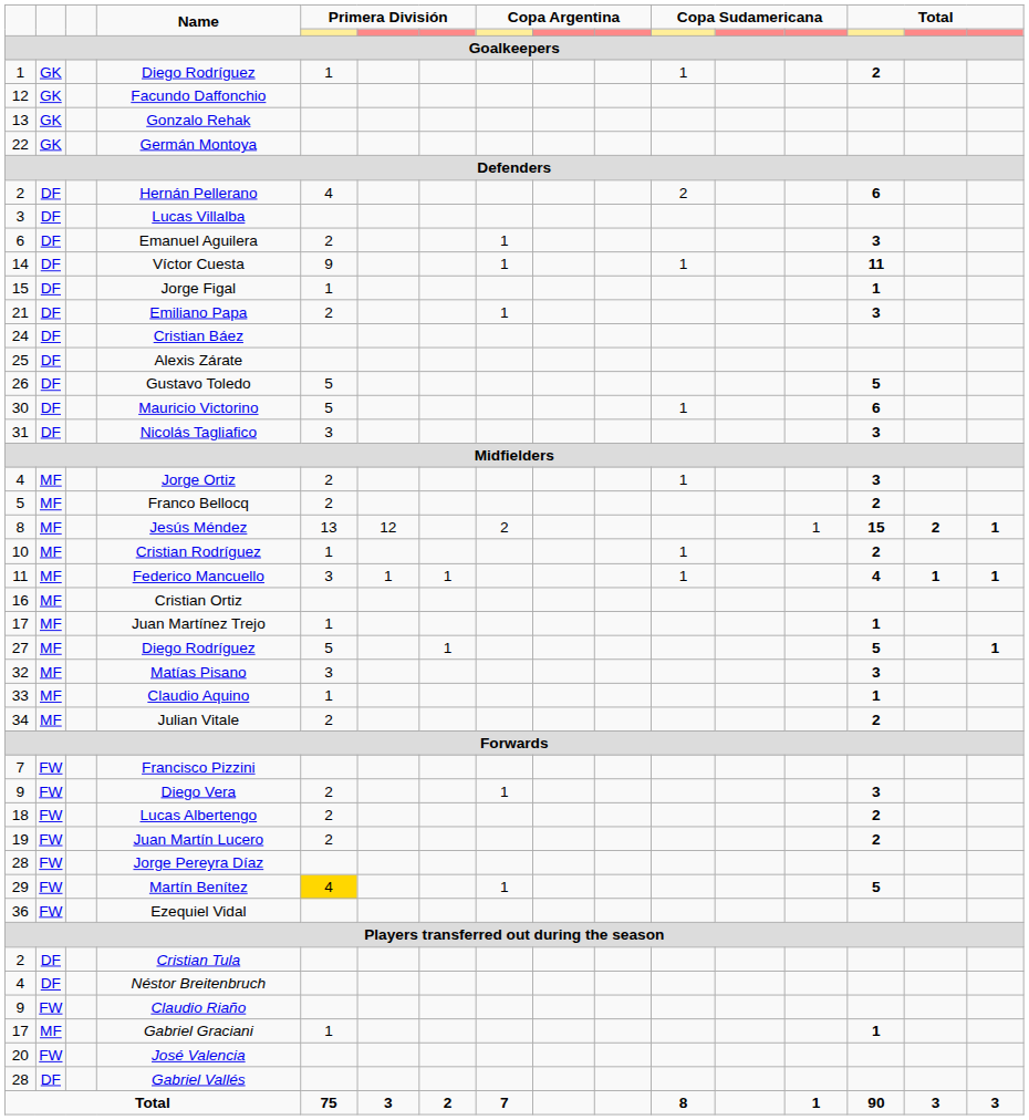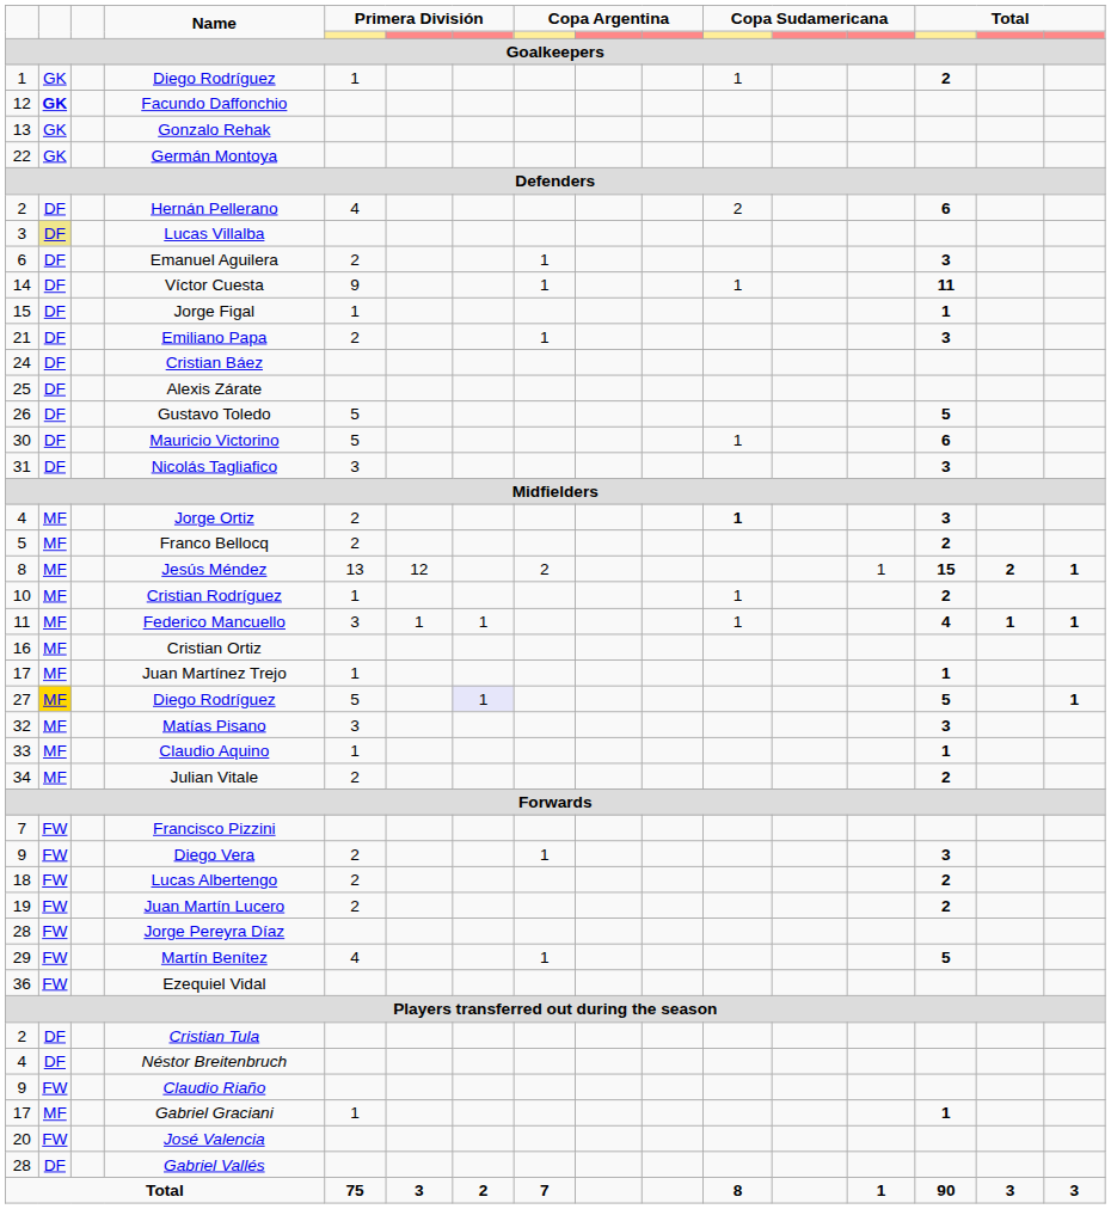 <table class="wikitable" style="font-size: 95%; text-align: center;">
 <tr>
 <td rowspan="2"  style="width:3%; text-align:center;"><strong></strong></td>
 <td rowspan="2"  style="width:3%; text-align:center;"><strong></strong></td>
 <td rowspan="2"  style="width:3%; text-align:center;"><strong></strong></td>
 <td rowspan="2"  style="width:20%; text-align:center;"><strong>Name</strong></td>
 <td colspan="3" style="text-align:center;"><strong>Primera División</strong></td>
 <td colspan="3" style="text-align:center;"><strong>Copa Argentina</strong></td>
 <td colspan="3" style="text-align:center;"><strong>Copa Sudamericana</strong></td>
 <td colspan="3" style="text-align:center;"><strong>Total</strong></td>
 </tr>
 <tr>
 <th style="width:25px; background:#fe9;"></th>
 <th style="width:28px; background:#ff8888;"></th>
 <th style="width:25px; background:#ff8888;"></th>
 <th style="width:25px; background:#fe9;"></th>
 <th style="width:28px; background:#ff8888;"></th>
 <th style="width:25px; background:#ff8888;"></th>
 <th style="width:25px; background:#fe9;"></th>
 <th style="width:28px; background:#ff8888;"></th>
 <th style="width:25px; background:#ff8888;"></th>
 <th style="width:25px; background:#fe9;"></th>
 <th style="width:28px; background:#ff8888;"></th>
 <th style="width:25px; background:#ff8888;"></th>
 </tr>
 <tr>
 <th colspan="19" style="background:#dcdcdc; text-align:center">Goalkeepers</th>
 </tr>
 <tr>
 <td>1</td>
 <td><a href='#'>GK</a></td>
 <td></td>
 <td><a href='#'>Diego Rodríguez</a></td>
 <td>1</td>
 <td></td>
 <td></td>
 <td></td>
 <td></td>
 <td></td>
 <td>1</td>
 <td></td>
 <td></td>
 <td><strong>2</strong></td>
 <td></td>
 <td></td>
 </tr>
 <tr>
 <td>12</td>
-<td><a href='#'>GK</a></td>
+<td><strong><a href='#'>GK</a></strong></td>
 <td></td>
 <td><a href='#'>Facundo Daffonchio</a></td>
 <td></td>
 <td></td>
 <td></td>
 <td></td>
 <td></td>
 <td></td>
 <td></td>
 <td></td>
 <td></td>
 <td></td>
 <td></td>
 <td></td>
 </tr>
 <tr>
 <td>13</td>
 <td><a href='#'>GK</a></td>
 <td></td>
 <td><a href='#'>Gonzalo Rehak</a></td>
 <td></td>
 <td></td>
 <td></td>
 <td></td>
 <td></td>
 <td></td>
 <td></td>
 <td></td>
 <td></td>
 <td></td>
 <td></td>
 <td></td>
 </tr>
 <tr>
 <td>22</td>
 <td><a href='#'>GK</a></td>
 <td></td>
 <td><a href='#'>Germán Montoya</a></td>
 <td></td>
 <td></td>
 <td></td>
 <td></td>
 <td></td>
 <td></td>
 <td></td>
 <td></td>
 <td></td>
 <td></td>
 <td></td>
 <td></td>
 </tr>
 <tr>
 <th colspan="19" style="background:#dcdcdc; text-align:center">Defenders</th>
 </tr>
 <tr>
 <td>2</td>
 <td><a href='#'>DF</a></td>
 <td></td>
 <td><a href='#'>Hernán Pellerano</a></td>
 <td>4</td>
 <td></td>
 <td></td>
 <td></td>
 <td></td>
 <td></td>
 <td>2</td>
 <td></td>
 <td></td>
 <td><strong>6</strong></td>
 <td></td>
 <td></td>
 </tr>
 <tr>
 <td>3</td>
-<td><a href='#'>DF</a></td>
+<td style="background: khaki;"><a href='#'>DF</a></td>
 <td></td>
 <td><a href='#'>Lucas Villalba</a></td>
 <td></td>
 <td></td>
 <td></td>
 <td></td>
 <td></td>
 <td></td>
 <td></td>
 <td></td>
 <td></td>
 <td></td>
 <td></td>
 <td></td>
 </tr>
 <tr>
 <td>6</td>
 <td><a href='#'>DF</a></td>
 <td></td>
 <td>Emanuel Aguilera</td>
 <td>2</td>
 <td></td>
 <td></td>
 <td>1</td>
 <td></td>
 <td></td>
 <td></td>
 <td></td>
 <td></td>
 <td><strong>3</strong></td>
 <td></td>
 <td></td>
 </tr>
 <tr>
 <td>14</td>
 <td><a href='#'>DF</a></td>
 <td></td>
 <td>Víctor Cuesta</td>
 <td>9</td>
 <td></td>
 <td></td>
 <td>1</td>
 <td></td>
 <td></td>
 <td>1</td>
 <td></td>
 <td></td>
 <td><strong>11</strong></td>
 <td></td>
 <td></td>
 </tr>
 <tr>
 <td>15</td>
 <td><a href='#'>DF</a></td>
 <td></td>
 <td>Jorge Figal</td>
 <td>1</td>
 <td></td>
 <td></td>
 <td></td>
 <td></td>
 <td></td>
 <td></td>
 <td></td>
 <td></td>
 <td><strong>1</strong></td>
 <td></td>
 <td></td>
 </tr>
 <tr>
 <td>21</td>
 <td><a href='#'>DF</a></td>
 <td></td>
 <td><a href='#'>Emiliano Papa</a></td>
 <td>2</td>
 <td></td>
 <td></td>
 <td>1</td>
 <td></td>
 <td></td>
 <td></td>
 <td></td>
 <td></td>
 <td><strong>3</strong></td>
 <td></td>
 <td></td>
 </tr>
 <tr>
 <td>24</td>
 <td><a href='#'>DF</a></td>
 <td></td>
 <td><a href='#'>Cristian Báez</a></td>
 <td></td>
 <td></td>
 <td></td>
 <td></td>
 <td></td>
 <td></td>
 <td></td>
 <td></td>
 <td></td>
 <td></td>
 <td></td>
 <td></td>
 </tr>
 <tr>
 <td>25</td>
 <td><a href='#'>DF</a></td>
 <td></td>
 <td>Alexis Zárate</td>
 <td></td>
 <td></td>
 <td></td>
 <td></td>
 <td></td>
 <td></td>
 <td></td>
 <td></td>
 <td></td>
 <td></td>
 <td></td>
 <td></td>
 </tr>
 <tr>
 <td>26</td>
 <td><a href='#'>DF</a></td>
 <td></td>
 <td>Gustavo Toledo</td>
 <td>5</td>
 <td></td>
 <td></td>
 <td></td>
 <td></td>
 <td></td>
 <td></td>
 <td></td>
 <td></td>
 <td><strong>5</strong></td>
 <td></td>
 <td></td>
 </tr>
 <tr>
 <td>30</td>
 <td><a href='#'>DF</a></td>
 <td></td>
 <td><a href='#'>Mauricio Victorino</a></td>
 <td>5</td>
 <td></td>
 <td></td>
 <td></td>
 <td></td>
 <td></td>
 <td>1</td>
 <td></td>
 <td></td>
 <td><strong>6</strong></td>
 <td></td>
 <td></td>
 </tr>
 <tr>
 <td>31</td>
 <td><a href='#'>DF</a></td>
 <td></td>
 <td><a href='#'>Nicolás Tagliafico</a></td>
 <td>3</td>
 <td></td>
 <td></td>
 <td></td>
 <td></td>
 <td></td>
 <td></td>
 <td></td>
 <td></td>
 <td><strong>3</strong></td>
 <td></td>
 <td></td>
 </tr>
 <tr>
 <th colspan="19" style="background:#dcdcdc; text-align:center">Midfielders</th>
 </tr>
 <tr>
 <td>4</td>
 <td><a href='#'>MF</a></td>
 <td></td>
 <td><a href='#'>Jorge Ortiz</a></td>
 <td>2</td>
 <td></td>
 <td></td>
 <td></td>
 <td></td>
 <td></td>
-<td>1</td>
+<td><strong>1</strong></td>
 <td></td>
 <td></td>
 <td><strong>3</strong></td>
 <td></td>
 <td></td>
 </tr>
 <tr>
 <td>5</td>
 <td><a href='#'>MF</a></td>
 <td></td>
 <td>Franco Bellocq</td>
 <td>2</td>
 <td></td>
 <td></td>
 <td></td>
 <td></td>
 <td></td>
 <td></td>
 <td></td>
 <td></td>
 <td><strong>2</strong></td>
 <td></td>
 <td></td>
 </tr>
 <tr>
 <td>8</td>
 <td><a href='#'>MF</a></td>
 <td></td>
 <td><a href='#'>Jesús Méndez</a></td>
 <td>13</td>
 <td>12</td>
 <td></td>
 <td>2</td>
 <td></td>
 <td></td>
 <td></td>
 <td></td>
 <td>1</td>
 <td><strong>15</strong></td>
 <td><strong>2</strong></td>
 <td><strong>1</strong></td>
 </tr>
 <tr>
 <td>10</td>
 <td><a href='#'>MF</a></td>
 <td></td>
 <td><a href='#'>Cristian Rodríguez</a></td>
 <td>1</td>
 <td></td>
 <td></td>
 <td></td>
 <td></td>
 <td></td>
 <td>1</td>
 <td></td>
 <td></td>
 <td><strong>2</strong></td>
 <td></td>
 <td></td>
 </tr>
 <tr>
 <td>11</td>
 <td><a href='#'>MF</a></td>
 <td></td>
 <td><a href='#'>Federico Mancuello</a></td>
 <td>3</td>
 <td>1</td>
 <td>1</td>
 <td></td>
 <td></td>
 <td></td>
 <td>1</td>
 <td></td>
 <td></td>
 <td><strong>4</strong></td>
 <td><strong>1</strong></td>
 <td><strong>1</strong></td>
 </tr>
 <tr>
 <td>16</td>
 <td><a href='#'>MF</a></td>
 <td></td>
 <td>Cristian Ortiz</td>
 <td></td>
 <td></td>
 <td></td>
 <td></td>
 <td></td>
 <td></td>
 <td></td>
 <td></td>
 <td></td>
 <td></td>
 <td></td>
 <td></td>
 </tr>
 <tr>
 <td>17</td>
 <td><a href='#'>MF</a></td>
 <td></td>
 <td>Juan Martínez Trejo</td>
 <td>1</td>
 <td></td>
 <td></td>
 <td></td>
 <td></td>
 <td></td>
 <td></td>
 <td></td>
 <td></td>
 <td><strong>1</strong></td>
 <td></td>
 <td></td>
 </tr>
 <tr>
 <td>27</td>
-<td><a href='#'>MF</a></td>
+<td style="background: gold;"><a href='#'>MF</a></td>
 <td></td>
 <td><a href='#'>Diego Rodríguez</a></td>
 <td>5</td>
 <td></td>
-<td>1</td>
+<td style="background: lavender;">1</td>
 <td></td>
 <td></td>
 <td></td>
 <td></td>
 <td></td>
 <td></td>
 <td><strong>5</strong></td>
 <td></td>
 <td><strong>1</strong></td>
 </tr>
 <tr>
 <td>32</td>
 <td><a href='#'>MF</a></td>
 <td></td>
 <td><a href='#'>Matías Pisano</a></td>
 <td>3</td>
 <td></td>
 <td></td>
 <td></td>
 <td></td>
 <td></td>
 <td></td>
 <td></td>
 <td></td>
 <td><strong>3</strong></td>
 <td></td>
 <td></td>
 </tr>
 <tr>
 <td>33</td>
 <td><a href='#'>MF</a></td>
 <td></td>
 <td><a href='#'>Claudio Aquino</a></td>
 <td>1</td>
 <td></td>
 <td></td>
 <td></td>
 <td></td>
 <td></td>
 <td></td>
 <td></td>
 <td></td>
 <td><strong>1</strong></td>
 <td></td>
 <td></td>
 </tr>
 <tr>
 <td>34</td>
 <td><a href='#'>MF</a></td>
 <td></td>
 <td>Julian Vitale</td>
 <td>2</td>
 <td></td>
 <td></td>
 <td></td>
 <td></td>
 <td></td>
 <td></td>
 <td></td>
 <td></td>
 <td><strong>2</strong></td>
 <td></td>
 <td></td>
 </tr>
 <tr>
 <th colspan="19" style="background:#dcdcdc; text-align:center">Forwards</th>
 </tr>
 <tr>
 <td>7</td>
 <td><a href='#'>FW</a></td>
 <td></td>
 <td><a href='#'>Francisco Pizzini</a></td>
 <td></td>
 <td></td>
 <td></td>
 <td></td>
 <td></td>
 <td></td>
 <td></td>
 <td></td>
 <td></td>
 <td></td>
 <td></td>
 <td></td>
 </tr>
 <tr>
 <td>9</td>
 <td><a href='#'>FW</a></td>
 <td></td>
 <td><a href='#'>Diego Vera</a></td>
 <td>2</td>
 <td></td>
 <td></td>
 <td>1</td>
 <td></td>
 <td></td>
 <td></td>
 <td></td>
 <td></td>
 <td><strong>3</strong></td>
 <td></td>
 <td></td>
 </tr>
 <tr>
 <td>18</td>
 <td><a href='#'>FW</a></td>
 <td></td>
 <td><a href='#'>Lucas Albertengo</a></td>
 <td>2</td>
 <td></td>
 <td></td>
 <td></td>
 <td></td>
 <td></td>
 <td></td>
 <td></td>
 <td></td>
 <td><strong>2</strong></td>
 <td></td>
 <td></td>
 </tr>
 <tr>
 <td>19</td>
 <td><a href='#'>FW</a></td>
 <td></td>
 <td><a href='#'>Juan Martín Lucero</a></td>
 <td>2</td>
 <td></td>
 <td></td>
 <td></td>
 <td></td>
 <td></td>
 <td></td>
 <td></td>
 <td></td>
 <td><strong>2</strong></td>
 <td></td>
 <td></td>
 </tr>
 <tr>
 <td>28</td>
 <td><a href='#'>FW</a></td>
 <td></td>
 <td><a href='#'>Jorge Pereyra Díaz</a></td>
 <td></td>
 <td></td>
 <td></td>
 <td></td>
 <td></td>
 <td></td>
 <td></td>
 <td></td>
 <td></td>
 <td></td>
 <td></td>
 <td></td>
 </tr>
 <tr>
 <td>29</td>
 <td><a href='#'>FW</a></td>
 <td></td>
 <td><a href='#'>Martín Benítez</a></td>
-<td style="background: gold;">4</td>
+<td>4</td>
 <td></td>
 <td></td>
 <td>1</td>
 <td></td>
 <td></td>
 <td></td>
 <td></td>
 <td></td>
 <td><strong>5</strong></td>
 <td></td>
 <td></td>
 </tr>
 <tr>
 <td>36</td>
 <td><a href='#'>FW</a></td>
 <td></td>
 <td>Ezequiel Vidal</td>
 <td></td>
 <td></td>
 <td></td>
 <td></td>
 <td></td>
 <td></td>
 <td></td>
 <td></td>
 <td></td>
 <td></td>
 <td></td>
 <td></td>
 </tr>
 <tr>
 <th colspan="19" style="background:#dcdcdc; text-align:center">Players transferred out during the season</th>
 </tr>
 <tr>
 <td>2</td>
 <td><a href='#'>DF</a></td>
 <td></td>
 <td><em><a href='#'>Cristian Tula</a></em></td>
 <td></td>
 <td></td>
 <td></td>
 <td></td>
 <td></td>
 <td></td>
 <td></td>
 <td></td>
 <td></td>
 <td></td>
 <td></td>
 <td></td>
 </tr>
 <tr>
 <td>4</td>
 <td><a href='#'>DF</a></td>
 <td></td>
 <td><em>Néstor Breitenbruch</em></td>
 <td></td>
 <td></td>
 <td></td>
 <td></td>
 <td></td>
 <td></td>
 <td></td>
 <td></td>
 <td></td>
 <td></td>
 <td></td>
 <td></td>
 </tr>
 <tr>
 <td>9</td>
 <td><a href='#'>FW</a></td>
 <td></td>
 <td><em><a href='#'>Claudio Riaño</a></em></td>
 <td></td>
 <td></td>
 <td></td>
 <td></td>
 <td></td>
 <td></td>
 <td></td>
 <td></td>
 <td></td>
 <td></td>
 <td></td>
 <td></td>
 </tr>
 <tr>
 <td>17</td>
 <td><a href='#'>MF</a></td>
 <td></td>
 <td><em>Gabriel Graciani</em></td>
 <td>1</td>
 <td></td>
 <td></td>
 <td></td>
 <td></td>
 <td></td>
 <td></td>
 <td></td>
 <td></td>
 <td><strong>1</strong></td>
 <td></td>
 <td></td>
 </tr>
 <tr>
 <td>20</td>
 <td><a href='#'>FW</a></td>
 <td></td>
 <td><em><a href='#'>José Valencia</a></em></td>
 <td></td>
 <td></td>
 <td></td>
 <td></td>
 <td></td>
 <td></td>
 <td></td>
 <td></td>
 <td></td>
 <td></td>
 <td></td>
 <td></td>
 </tr>
 <tr>
 <td>28</td>
 <td><a href='#'>DF</a></td>
 <td></td>
 <td><em><a href='#'>Gabriel Vallés</a></em></td>
 <td></td>
 <td></td>
 <td></td>
 <td></td>
 <td></td>
 <td></td>
 <td></td>
 <td></td>
 <td></td>
 <td></td>
 <td></td>
 <td></td>
 </tr>
 <tr>
 <td colspan=4><strong>Total</strong></td>
 <td><strong>75</strong></td>
 <td><strong>3</strong></td>
 <td><strong>2</strong></td>
 <td><strong>7</strong></td>
 <td></td>
 <td></td>
 <td><strong>8</strong></td>
 <td></td>
 <td><strong>1</strong></td>
 <td><strong>90</strong></td>
 <td><strong>3</strong></td>
 <td><strong>3<em></td>
 </tr>
 </table>
